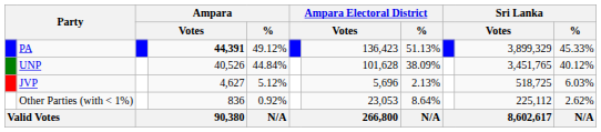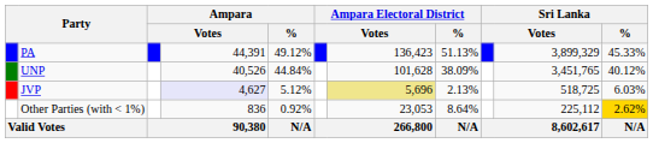 <table class="wikitable">
 <tr>
 <th colspan="2" width="144px"rowspan="2">Party</th>
 <th colspan="3" width="216px">Ampara</th>
 <th colspan="3" width="216px"><a href='#'>Ampara Electoral District</a></th>
 <th colspan="3" width="216px">Sri Lanka</th>
 </tr>
 <tr>
 <th colspan="2" width="144px">Votes</th>
 <th>%</th>
 <th colspan="2" width="144px">Votes</th>
 <th>%</th>
 <th colspan="2" width="144px">Votes</th>
 <th>%</th>
 </tr>
 <tr>
 <td style="background-color:blue;" width="10px"></td>
 <td style="text-align:left;"><a href='#'>PA</a></td>
 <td style="background-color:blue;" width="10px"></td>
-<td style="text-align:right;"><strong>44,391</strong></td>
+<td style="text-align:right;">44,391</td>
 <td style="text-align:right;">49.12%</td>
 <td style="background-color:blue;" width="10px"></td>
 <td style="text-align:right;">136,423</td>
 <td style="text-align:right;">51.13%</td>
 <td style="background-color:blue;" width="10px"></td>
 <td style="text-align:right;">3,899,329</td>
 <td style="text-align:right;">45.33%</td>
 </tr>
 <tr>
 <td style="background-color:green;" width="10px"></td>
 <td style="text-align:left;"><a href='#'>UNP</a></td>
 <td style="background-color:white;" width="10px"></td>
 <td style="text-align:right;">40,526</td>
 <td style="text-align:right;">44.84%</td>
 <td style="background-color:white;" width="10px"></td>
 <td style="text-align:right;">101,628</td>
 <td style="text-align:right;">38.09%</td>
 <td style="background-color:white;" width="10px"></td>
 <td style="text-align:right;">3,451,765</td>
 <td style="text-align:right;">40.12%</td>
 </tr>
 <tr>
 <td style="background-color:red;" width="10px"></td>
 <td style="text-align:left;"><a href='#'>JVP</a></td>
 <td style="background-color:white;" width="10px"></td>
-<td style="text-align:right;">4,627</td>
+<td style="background: lavender; text-align:right;">4,627</td>
 <td style="text-align:right;">5.12%</td>
 <td style="background-color:white;" width="10px"></td>
-<td style="text-align:right;">5,696</td>
+<td style="background: khaki; text-align:right;">5,696</td>
 <td style="text-align:right;">2.13%</td>
 <td style="background-color:white;" width="10px"></td>
 <td style="text-align:right;">518,725</td>
 <td style="text-align:right;">6.03%</td>
 </tr>
 <tr>
 <td style="background-color:white;" width="10px"></td>
 <td style="text-align:left;">Other Parties (with < 1%)</td>
 <td style="background-color:white;" width="10px"></td>
 <td style="text-align:right;">836</td>
 <td style="text-align:right;">0.92%</td>
 <td style="background-color:white;" width="10px"></td>
 <td style="text-align:right;">23,053</td>
 <td style="text-align:right;">8.64%</td>
 <td style="background-color:white;" width="10px"></td>
 <td style="text-align:right;">225,112</td>
-<td style="text-align:right;">2.62%</td>
+<td style="background: gold; text-align:right;">2.62%</td>
 </tr>
 <tr>
 <th colspan="2" width="144px"style="text-align:left;">Valid Votes</th>
 <th style="text-align:right;"colspan="2" width="144px">90,380</th>
 <th style="text-align:right;">N/A</th>
 <th style="text-align:right;"colspan="2" width="144px">266,800</th>
 <th style="text-align:right;">N/A</th>
 <th style="text-align:right;"colspan="2" width="144px">8,602,617</th>
 <th style="text-align:right;">N/A</th>
 </tr>
 </table>
